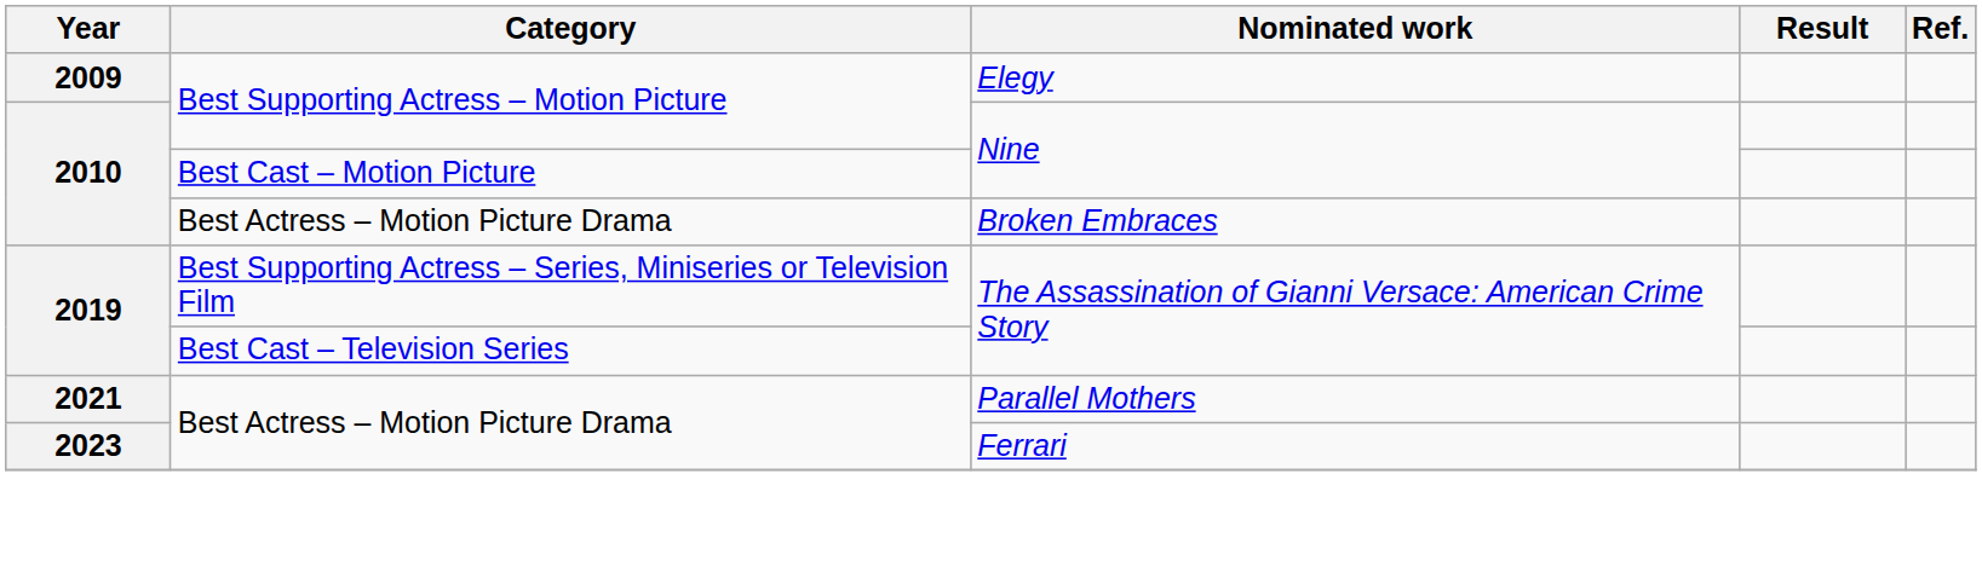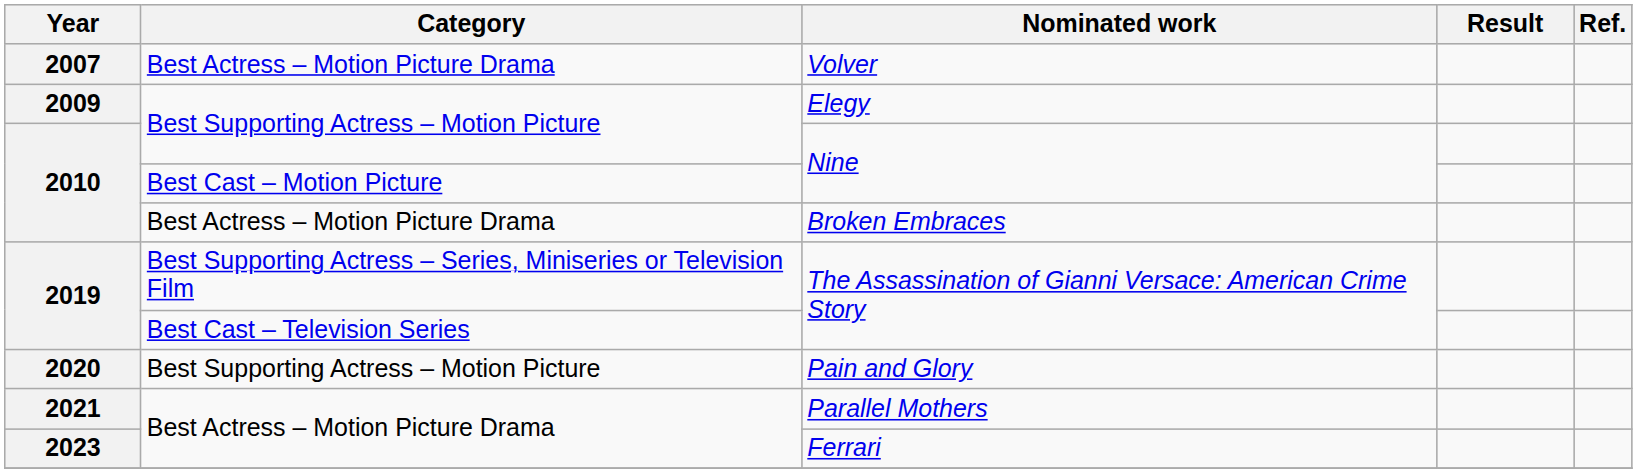 <table class=wikitable>
 <tr>
 <th scope="col" style="width:5em;">Year</th>
 <th scope="col" style="width:26em;">Category</th>
 <th scope="col" style="width:25em;">Nominated work</th>
 <th scope="col" style="width:5em;">Result</th>
 <th>Ref.</th>
+</tr>
+<tr>
+<th style="text-align:center;">2007</th>
+<td><a href='#'>Best Actress – Motion Picture Drama</a>⁣</td>
+<td><em><a href='#'>Volver</a></em>⁣</td>
+<td>⁣</td>
+<td></td>
 </tr>
 <tr ⁣>
 <th style="text-align:center;">2009⁣</th>
 <td rowspan="2"><a href='#'>Best Supporting Actress – Motion Picture</a>⁣</td>
 <td><em><a href='#'>Elegy</a></em>⁣</td>
 <td>⁣</td>
 <td></td>
 </tr>
 <tr ⁣>
 <th rowspan="3" style="text-align:center;">2010⁣</th>
 <td rowspan="2"><em><a href='#'>Nine</a></em>⁣</td>
 <td>⁣</td>
 <td></td>
 </tr>
 <tr ⁣>
 <td><a href='#'>Best Cast – Motion Picture</a>⁣</td>
 <td>⁣</td>
 <td></td>
 </tr>
 <tr ⁣>
 <td>Best Actress – Motion Picture Drama⁣</td>
 <td><em><a href='#'>Broken Embraces</a></em>⁣</td>
 <td>⁣</td>
 <td></td>
 </tr>
 <tr ⁣>
 <th rowspan="2" style="text-align:center;">2019⁣</th>
 <td><a href='#'>Best Supporting Actress – Series, Miniseries or Television Film</a>⁣</td>
 <td rowspan="2"><em><a href='#'>The Assassination of Gianni Versace: American Crime Story</a></em>⁣</td>
 <td></td>
 <td>⁣</td>
 </tr>
 <tr ⁣>
 <td><a href='#'>Best Cast – Television Series</a>⁣</td>
 <td>⁣</td>
 <td></td>
 </tr>
 <tr ⁣>
+<th style="text-align:center;">2020⁣</th>
+<td>Best Supporting Actress – Motion Picture⁣</td>
+<td><em><a href='#'>Pain and Glory</a></em>⁣</td>
+<td>⁣</td>
+<td></td>
+</tr>
+<tr ⁣>
 <th style="text-align:center;">2021</th>
 <td rowspan="2">Best Actress – Motion Picture Drama⁣</td>
 <td><em><a href='#'>Parallel Mothers</a></em>⁣</td>
 <td>⁣</td>
 <td></td>
 </tr>
 <tr>
 <th style="text-align:center;">2023</th>
 <td><em><a href='#'>Ferrari</a></em></td>
 <td></td>
 <td></td>
 </tr>
 <tr>
 </tr>
 </table>
